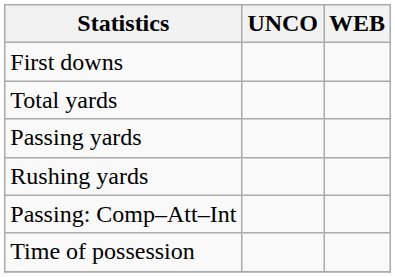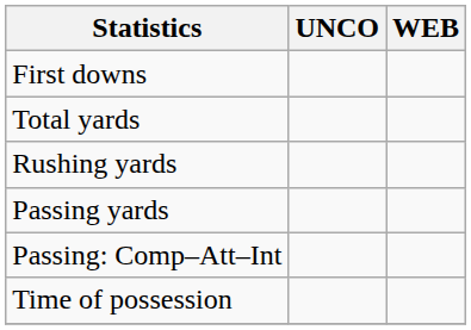 <table class="wikitable" style="float: left;">
 <tr>
 <th>Statistics</th>
 <th>UNCO</th>
 <th>WEB</th>
 </tr>
 <tr>
 <td>First downs</td>
 <td></td>
 <td></td>
 </tr>
 <tr>
 <td>Total yards</td>
 <td></td>
 <td></td>
 </tr>
 <tr>
-<td>Passing yards</td>
+<td>Rushing yards</td>
 <td></td>
 <td></td>
 </tr>
 <tr>
-<td>Rushing yards</td>
+<td>Passing yards</td>
 <td></td>
 <td></td>
 </tr>
 <tr>
 <td>Passing: Comp–Att–Int</td>
 <td></td>
 <td></td>
 </tr>
 <tr>
 <td>Time of possession</td>
 <td></td>
 <td></td>
 </tr>
 <tr>
 </tr>
 </table>
